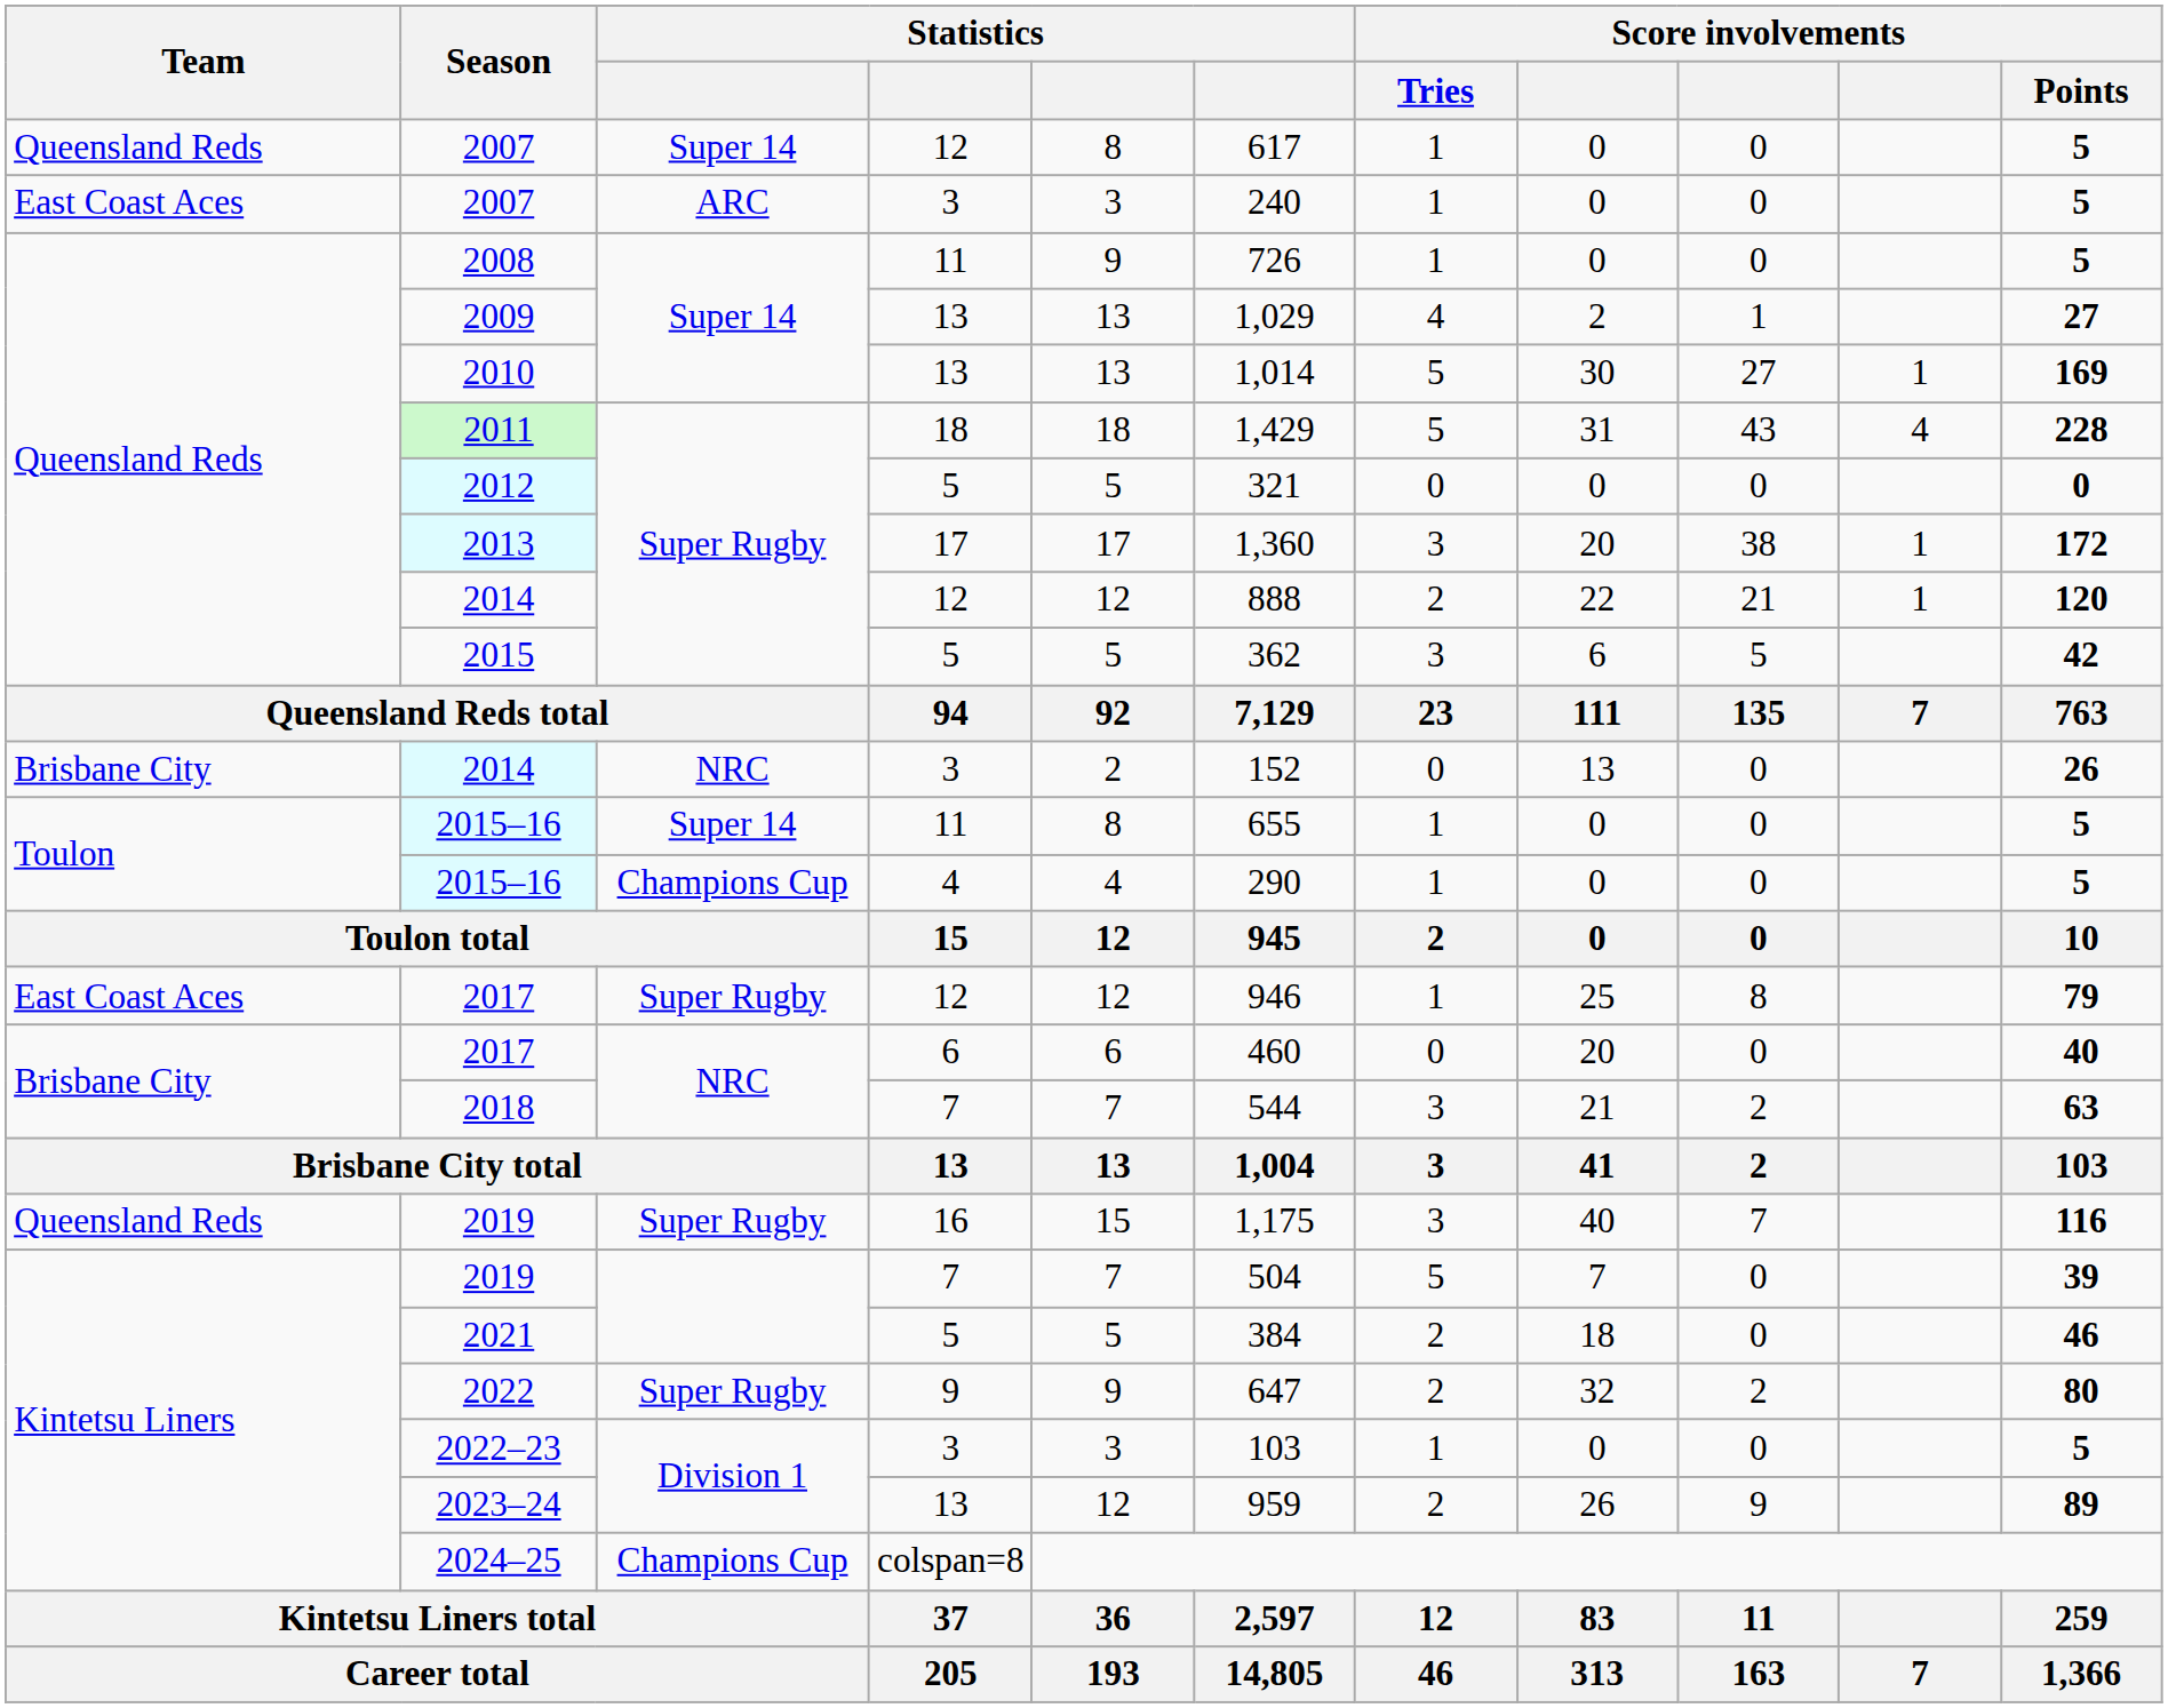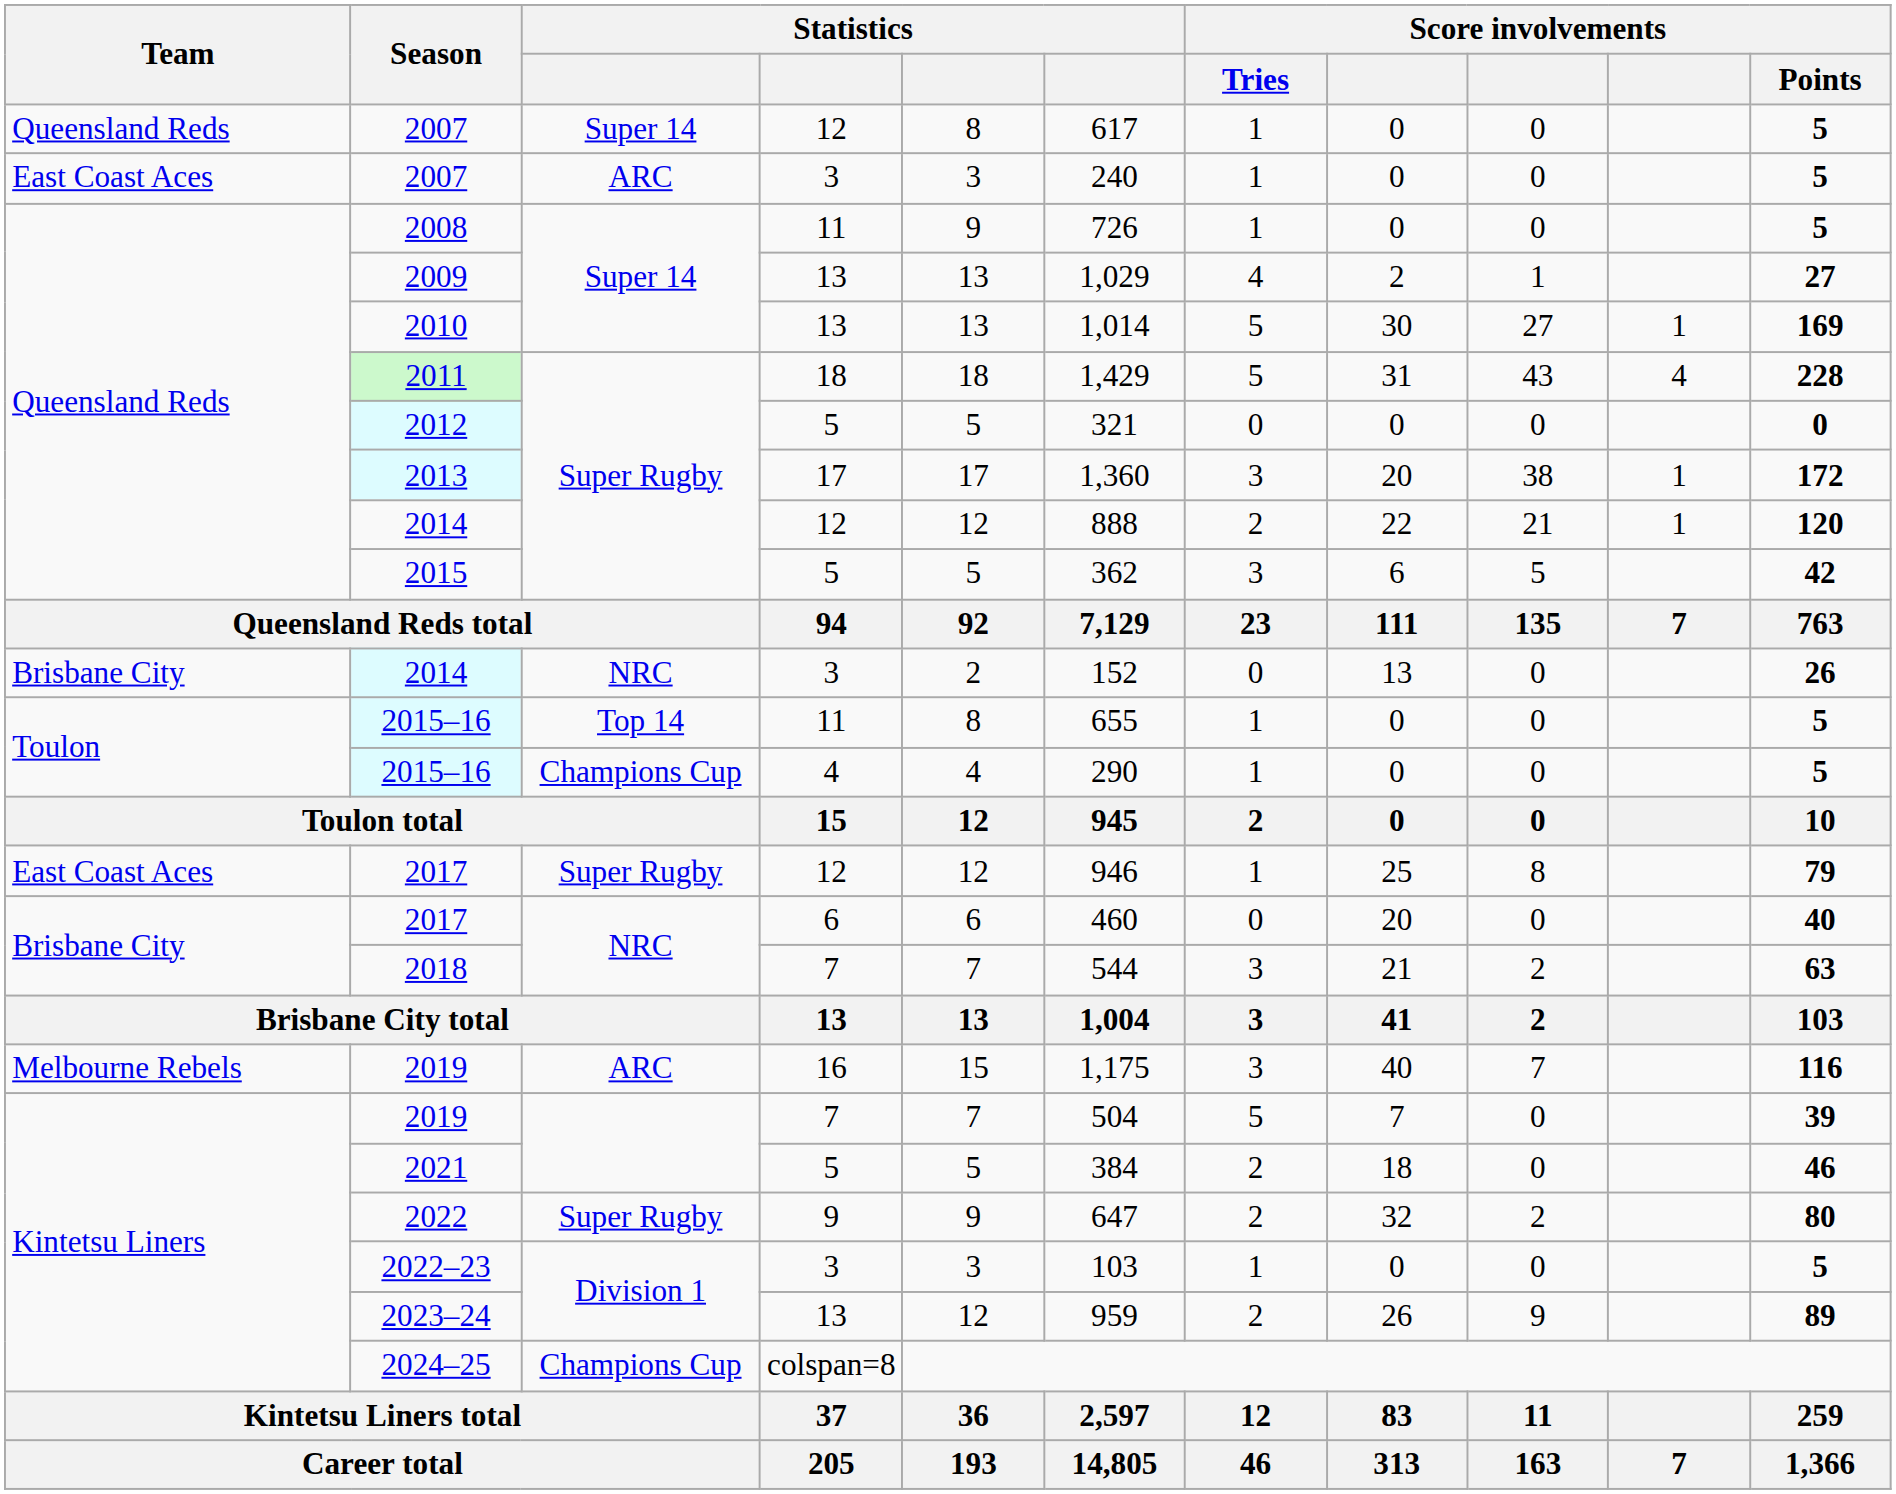 <table class="wikitable sortable sticky-header-multi static-row-numbers" style="text-align:center;">
 <tr>
 <th rowspan=2 width=170px>Team</th>
 <th rowspan=2 width=80px>Season</th>
 <th colspan=4>Statistics</th>
 <th colspan=5>Score involvements</th>
 </tr>
 <tr>
 <th width=115px></th>
 <th width=65px></th>
 <th width=65px></th>
 <th width=65px></th>
 <th width=65px><a href='#'>Tries</a></th>
 <th width=65px></th>
 <th width=65px></th>
 <th width=65px></th>
 <th width=65px>Points</th>
 </tr>
 <tr>
 <td align=left> <a href='#'>Queensland Reds</a></td>
 <td><a href='#'>2007</a></td>
 <td><a href='#'>Super 14</a></td>
 <td>12</td>
 <td>8</td>
 <td>617</td>
 <td>1</td>
 <td>0</td>
 <td>0</td>
 <td></td>
 <td><strong>5</strong></td>
 </tr>
 <tr>
 <td align=left> <a href='#'>East Coast Aces</a></td>
 <td><a href='#'>2007</a></td>
 <td><a href='#'>ARC</a></td>
 <td>3</td>
 <td>3</td>
 <td>240</td>
 <td>1</td>
 <td>0</td>
 <td>0</td>
 <td></td>
 <td><strong>5</strong></td>
 </tr>
 <tr>
 <td align=left rowspan=8> <a href='#'>Queensland Reds</a></td>
 <td><a href='#'>2008</a></td>
 <td rowspan=3><a href='#'>Super 14</a></td>
 <td>11</td>
 <td>9</td>
 <td>726</td>
 <td>1</td>
 <td>0</td>
 <td>0</td>
 <td></td>
 <td><strong>5</strong></td>
 </tr>
 <tr>
 <td><a href='#'>2009</a></td>
 <td>13</td>
 <td>13</td>
 <td>1,029</td>
 <td>4</td>
 <td>2</td>
 <td>1</td>
 <td></td>
 <td><strong>27</strong></td>
 </tr>
 <tr>
 <td><a href='#'>2010</a></td>
 <td>13</td>
 <td>13</td>
 <td>1,014</td>
 <td>5</td>
 <td>30</td>
 <td>27</td>
 <td>1</td>
 <td><strong>169</strong></td>
 </tr>
 <tr>
 <td align=center bgcolor=#CCF9CC><a href='#'>2011</a></td>
 <td rowspan=5><a href='#'>Super Rugby</a></td>
 <td>18</td>
 <td>18</td>
 <td>1,429</td>
 <td>5</td>
 <td>31</td>
 <td>43</td>
 <td>4</td>
 <td><strong>228</strong></td>
 </tr>
 <tr>
 <td align=center bgcolor=#DDFCFF><a href='#'>2012</a></td>
 <td>5</td>
 <td>5</td>
 <td>321</td>
 <td>0</td>
 <td>0</td>
 <td>0</td>
 <td></td>
 <td><strong>0</strong></td>
 </tr>
 <tr>
 <td align=center bgcolor=#DDFCFF><a href='#'>2013</a></td>
 <td>17</td>
 <td>17</td>
 <td>1,360</td>
 <td>3</td>
 <td>20</td>
 <td>38</td>
 <td>1</td>
 <td><strong>172</strong></td>
 </tr>
 <tr>
 <td><a href='#'>2014</a></td>
 <td>12</td>
 <td>12</td>
 <td>888</td>
 <td>2</td>
 <td>22</td>
 <td>21</td>
 <td>1</td>
 <td><strong>120</strong></td>
 </tr>
 <tr>
 <td><a href='#'>2015</a></td>
 <td>5</td>
 <td>5</td>
 <td>362</td>
 <td>3</td>
 <td>6</td>
 <td>5</td>
 <td></td>
 <td><strong>42</strong></td>
 </tr>
 <tr>
 <th colspan=3>Queensland Reds total</th>
 <th>94</th>
 <th>92</th>
 <th>7,129</th>
 <th>23</th>
 <th>111</th>
 <th>135</th>
 <th>7</th>
 <th>763</th>
 </tr>
 <tr>
 <td align=left> <a href='#'>Brisbane City</a></td>
 <td bgcolor=#DDFCFF><a href='#'>2014</a></td>
 <td><a href='#'>NRC</a></td>
 <td>3</td>
 <td>2</td>
 <td>152</td>
 <td>0</td>
 <td>13</td>
 <td>0</td>
 <td></td>
 <td><strong>26</strong></td>
 </tr>
 <tr>
 <td rowspan=2 align=left> <a href='#'>Toulon</a></td>
 <td bgcolor=#DDFCFF><a href='#'>2015–16</a></td>
-<td><a href='#'>Super 14</a></td>
+<td><a href='#'>Top 14</a></td>
 <td>11</td>
 <td>8</td>
 <td>655</td>
 <td>1</td>
 <td>0</td>
 <td>0</td>
 <td></td>
 <td><strong>5</strong></td>
 </tr>
 <tr>
 <td bgcolor=#DDFCFF><a href='#'>2015–16</a></td>
 <td><a href='#'>Champions Cup</a></td>
 <td>4</td>
 <td>4</td>
 <td>290</td>
 <td>1</td>
 <td>0</td>
 <td>0</td>
 <td></td>
 <td><strong>5</strong></td>
 </tr>
 <tr>
 <th colspan=3>Toulon total</th>
 <th>15</th>
 <th>12</th>
 <th>945</th>
 <th>2</th>
 <th>0</th>
 <th>0</th>
 <th></th>
 <th>10</th>
 </tr>
 <tr>
 <td align=left> <a href='#'>East Coast Aces</a></td>
 <td><a href='#'>2017</a></td>
 <td><a href='#'>Super Rugby</a></td>
 <td>12</td>
 <td>12</td>
 <td>946</td>
 <td>1</td>
 <td>25</td>
 <td>8</td>
 <td></td>
 <td><strong>79</strong></td>
 </tr>
 <tr>
 <td rowspan=2 align=left> <a href='#'>Brisbane City</a></td>
 <td><a href='#'>2017</a></td>
 <td rowspan=2><a href='#'>NRC</a></td>
 <td>6</td>
 <td>6</td>
 <td>460</td>
 <td>0</td>
 <td>20</td>
 <td>0</td>
 <td></td>
 <td><strong>40</strong></td>
 </tr>
 <tr>
 <td><a href='#'>2018</a></td>
 <td>7</td>
 <td>7</td>
 <td>544</td>
 <td>3</td>
 <td>21</td>
 <td>2</td>
 <td></td>
 <td><strong>63</strong></td>
 </tr>
 <tr>
 <th colspan=3>Brisbane City total</th>
 <th>13</th>
 <th>13</th>
 <th>1,004</th>
 <th>3</th>
 <th>41</th>
 <th>2</th>
 <th></th>
 <th>103</th>
 </tr>
 <tr>
-<td align=left> <a href='#'>Queensland Reds</a></td>
+<td align=left> <a href='#'>Melbourne Rebels</a></td>
 <td><a href='#'>2019</a></td>
-<td><a href='#'>Super Rugby</a></td>
+<td><a href='#'>ARC</a></td>
 <td>16</td>
 <td>15</td>
 <td>1,175</td>
 <td>3</td>
 <td>40</td>
 <td>7</td>
 <td></td>
 <td><strong>116</strong></td>
 </tr>
 <tr>
 <td rowspan=6 align=left> <a href='#'>Kintetsu Liners</a></td>
 <td><a href='#'>2019</a></td>
 <td rowspan=2></td>
 <td>7</td>
 <td>7</td>
 <td>504</td>
 <td>5</td>
 <td>7</td>
 <td>0</td>
 <td></td>
 <td><strong>39</strong></td>
 </tr>
 <tr>
 <td><a href='#'>2021</a></td>
 <td>5</td>
 <td>5</td>
 <td>384</td>
 <td>2</td>
 <td>18</td>
 <td>0</td>
 <td></td>
 <td><strong>46</strong></td>
 </tr>
 <tr>
 <td><a href='#'>2022</a></td>
 <td><a href='#'>Super Rugby</a></td>
 <td>9</td>
 <td>9</td>
 <td>647</td>
 <td>2</td>
 <td>32</td>
 <td>2</td>
 <td></td>
 <td><strong>80</strong></td>
 </tr>
 <tr>
 <td><a href='#'>2022–23</a></td>
 <td rowspan=2><a href='#'>Division 1</a></td>
 <td>3</td>
 <td>3</td>
 <td>103</td>
 <td>1</td>
 <td>0</td>
 <td>0</td>
 <td></td>
 <td><strong>5</strong></td>
 </tr>
 <tr>
 <td><a href='#'>2023–24</a></td>
 <td>13</td>
 <td>12</td>
 <td>959</td>
 <td>2</td>
 <td>26</td>
 <td>9</td>
 <td></td>
 <td><strong>89</strong></td>
 </tr>
 <tr>
 <td><a href='#'>2024–25</a></td>
 <td><a href='#'>Champions Cup</a></td>
 <td>colspan=8 </td>
 </tr>
 <tr>
 <th colspan=3>Kintetsu Liners total</th>
 <th>37</th>
 <th>36</th>
 <th>2,597</th>
 <th>12</th>
 <th>83</th>
 <th>11</th>
 <th></th>
 <th>259</th>
 </tr>
 <tr>
 <th colspan=3>Career total</th>
 <th>205</th>
 <th>193</th>
 <th>14,805</th>
 <th>46</th>
 <th>313</th>
 <th>163</th>
 <th>7</th>
 <th>1,366</th>
 </tr>
 </table>
